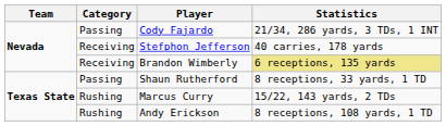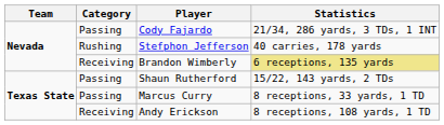 <table class="wikitable" style="float: left;">
 <tr>
 <th>Team</th>
 <th>Category</th>
 <th>Player</th>
 <th>Statistics</th>
 </tr>
 <tr>
 <td rowspan=3><strong>Nevada</strong></td>
 <td>Passing</td>
 <td><a href='#'>Cody Fajardo</a></td>
 <td>21/34, 286 yards, 3 TDs, 1 INT</td>
 </tr>
 <tr>
-<td>Receiving</td>
+<td>Rushing</td>
 <td><a href='#'>Stefphon Jefferson</a></td>
 <td>40 carries, 178 yards</td>
 </tr>
 <tr>
 <td>Receiving</td>
 <td>Brandon Wimberly</td>
 <td style="background: khaki;">6 receptions, 135 yards</td>
 </tr>
 <tr>
 <td rowspan=3><strong>Texas State</strong></td>
 <td>Passing</td>
 <td>Shaun Rutherford</td>
+<td>15/22, 143 yards, 2 TDs</td>
+</tr>
+<tr>
+<td>Passing</td>
+<td>Marcus Curry</td>
 <td>8 receptions, 33 yards, 1 TD</td>
 </tr>
 <tr>
-<td>Rushing</td>
-<td>Marcus Curry</td>
-<td>15/22, 143 yards, 2 TDs</td>
-</tr>
-<tr>
-<td>Rushing</td>
+<td>Receiving</td>
 <td>Andy Erickson</td>
 <td>8 receptions, 108 yards, 1 TD</td>
 </tr>
 </table>
